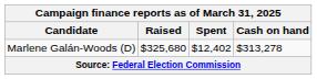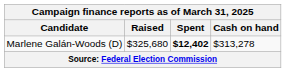 <table class="wikitable sortable">
 <tr>
 <th colspan=4>Campaign finance reports as of March 31, 2025</th>
 </tr>
 <tr style="text-align:center;">
 <th>Candidate</th>
 <th>Raised</th>
 <th>Spent</th>
 <th>Cash on hand</th>
 </tr>
 <tr>
 <td>Marlene Galán-Woods (D)</td>
 <td>$325,680</td>
-<td>$12,402</td>
+<td><strong>$12,402</strong></td>
 <td>$313,278</td>
 </tr>
 <tr>
 <th colspan="4"><small>Source: <a href='#'>Federal Election Commission</a></small></th>
 </tr>
 </table>
